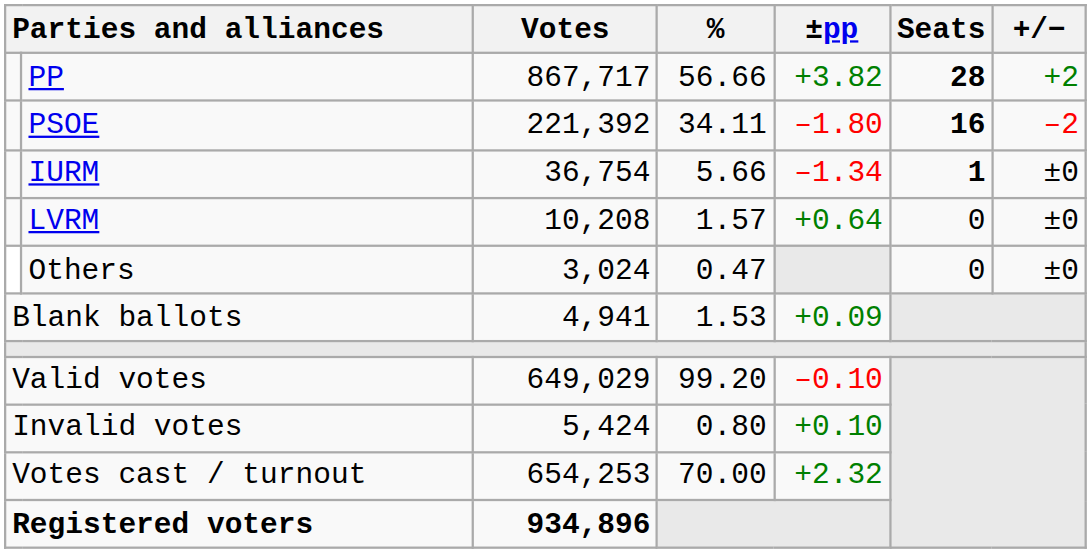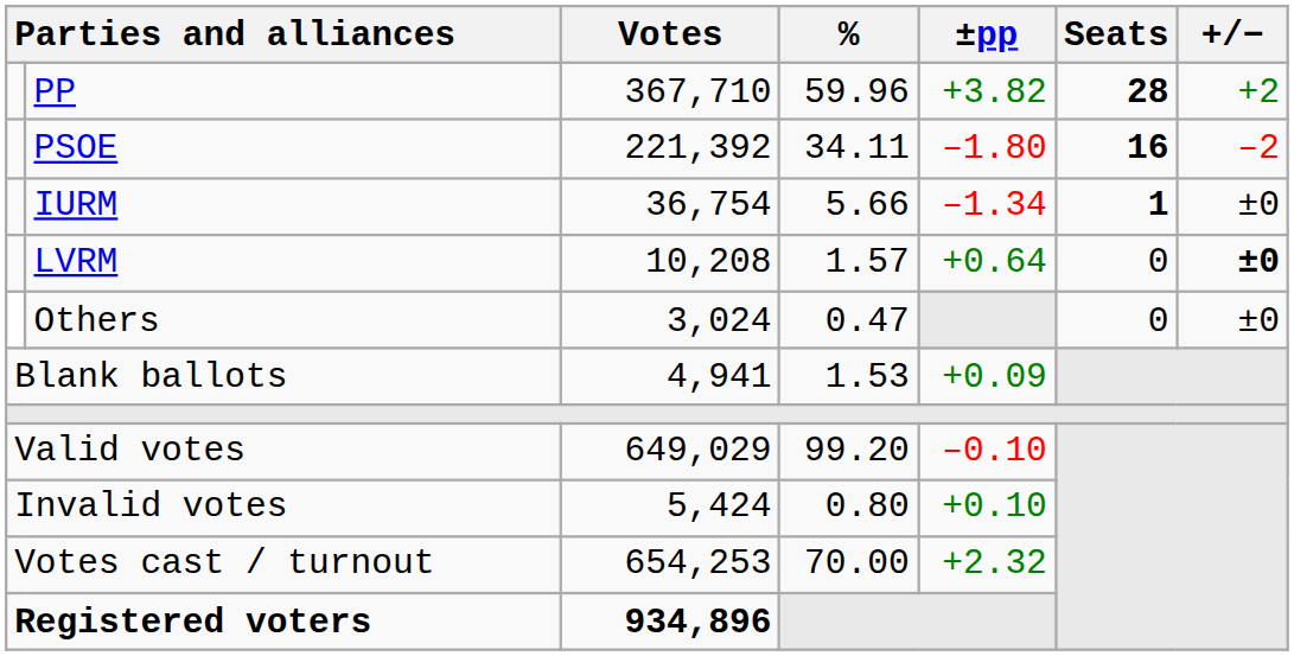 <table class="wikitable" style="text-align:right;">
 <tr>
 <th style="text-align:left;" colspan="2" width="200">Parties and alliances</th>
 <th width="75">Votes</th>
 <th width="45">%</th>
 <th width="45">±<a href='#'>pp</a></th>
 <th width="35">Seats</th>
 <th width="35">+/−</th>
 </tr>
 <tr>
 <td width="1" style="color:inherit;background:"></td>
 <td align="left"><a href='#'>PP</a></td>
-<td>867,717</td>
-<td>56.66</td>
+<td>367,710</td>
+<td>59.96</td>
 <td style="color:green;">+3.82</td>
 <td><strong>28</strong></td>
 <td style="color:green;">+2</td>
 </tr>
 <tr>
 <td style="color:inherit;background:"></td>
 <td align="left"><a href='#'>PSOE</a></td>
 <td>221,392</td>
 <td>34.11</td>
 <td style="color:red;">–1.80</td>
 <td><strong>16</strong></td>
 <td style="color:red;">–2</td>
 </tr>
 <tr>
 <td style="color:inherit;background:"></td>
 <td align="left"><a href='#'>IURM</a></td>
 <td>36,754</td>
 <td>5.66</td>
 <td style="color:red;">–1.34</td>
 <td><strong>1</strong></td>
 <td>±0</td>
 </tr>
 <tr>
 <td style="color:inherit;background:"></td>
 <td align="left"><a href='#'>LVRM</a></td>
 <td>10,208</td>
 <td>1.57</td>
 <td style="color:green;">+0.64</td>
 <td>0</td>
-<td>±0</td>
+<td><strong>±0</strong></td>
 </tr>
 <tr>
 <td bgcolor="white"></td>
 <td align="left">Others</td>
 <td>3,024</td>
 <td>0.47</td>
 <td bgcolor="#E9E9E9"></td>
 <td>0</td>
 <td>±0</td>
 </tr>
 <tr>
 <td align="left" colspan="2">Blank ballots</td>
 <td>4,941</td>
 <td>1.53</td>
 <td style="color:green;">+0.09</td>
 <td bgcolor="#E9E9E9" colspan="2"></td>
 </tr>
 <tr>
 <td colspan="7" bgcolor="#E9E9E9"></td>
 </tr>
 <tr>
 <td align="left" colspan="2">Valid votes</td>
 <td>649,029</td>
 <td>99.20</td>
 <td style="color:red;">–0.10</td>
 <td bgcolor="#E9E9E9" colspan="2" rowspan="4"></td>
 </tr>
 <tr>
 <td align="left" colspan="2">Invalid votes</td>
 <td>5,424</td>
 <td>0.80</td>
 <td style="color:green;">+0.10</td>
 </tr>
 <tr>
 <td align="left" colspan="2">Votes cast / turnout</td>
 <td>654,253</td>
 <td>70.00</td>
 <td style="color:green;">+2.32</td>
 </tr>
 <tr style="font-weight:bold;">
 <td align="left" colspan="2">Registered voters</td>
 <td>934,896</td>
 <td bgcolor="#E9E9E9" colspan="2"></td>
 </tr>
 </table>
